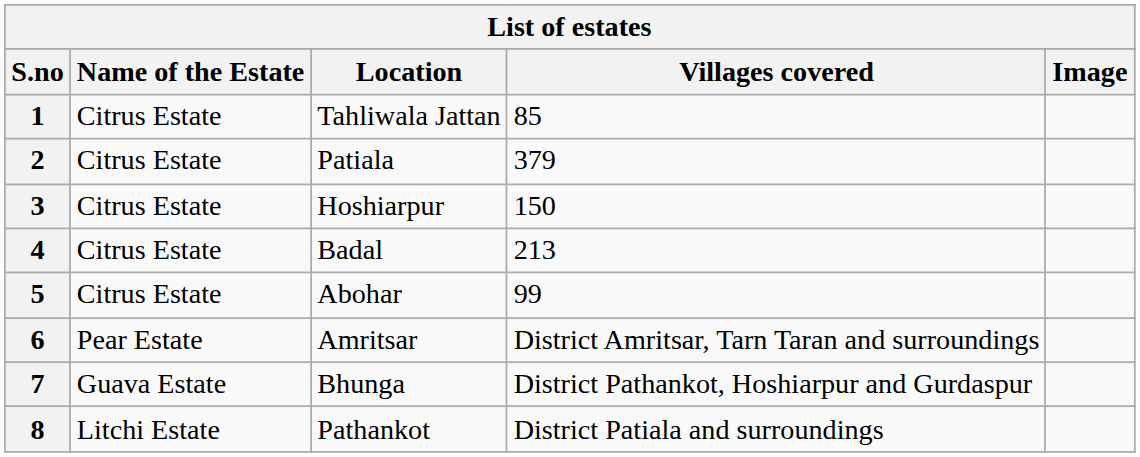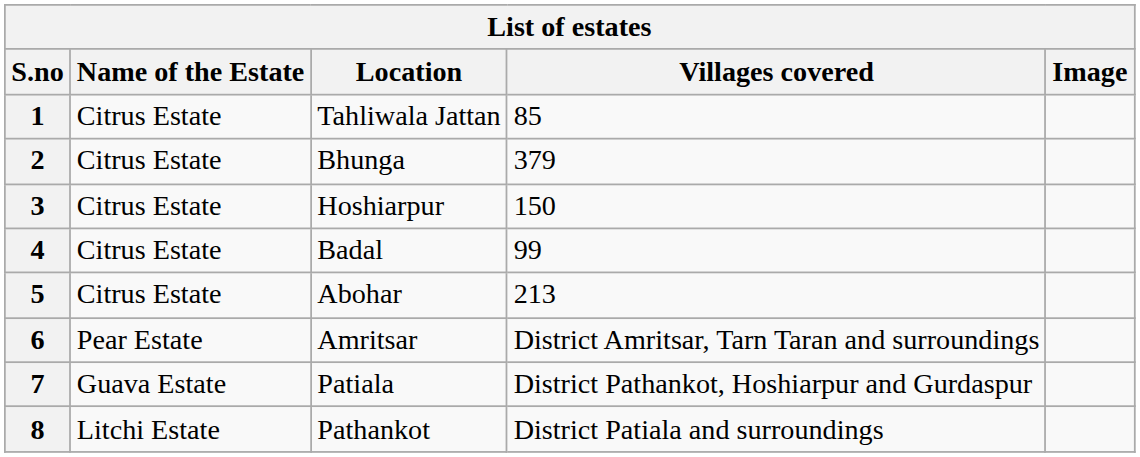 <table class="wikitable">
 <tr>
 <th colspan="5">List of estates</th>
 </tr>
 <tr>
 <th>S.no</th>
 <th>Name of the Estate</th>
 <th>Location</th>
 <th>Villages covered</th>
 <th>Image</th>
 </tr>
 <tr>
 <th>1</th>
 <td>Citrus Estate</td>
 <td>Tahliwala Jattan</td>
 <td>85</td>
 <td></td>
 </tr>
 <tr>
 <th>2</th>
 <td>Citrus Estate</td>
-<td>Patiala</td>
+<td>Bhunga</td>
 <td>379</td>
 <td></td>
 </tr>
 <tr>
 <th>3</th>
 <td>Citrus Estate</td>
 <td>Hoshiarpur</td>
 <td>150</td>
 <td></td>
 </tr>
 <tr>
 <th>4</th>
 <td>Citrus Estate</td>
 <td>Badal</td>
-<td>213</td>
+<td>99</td>
 <td></td>
 </tr>
 <tr>
 <th>5</th>
 <td>Citrus Estate</td>
 <td>Abohar</td>
-<td>99</td>
+<td>213</td>
 <td></td>
 </tr>
 <tr>
 <th>6</th>
 <td>Pear Estate</td>
 <td>Amritsar</td>
 <td>District Amritsar, Tarn Taran and surroundings</td>
 <td></td>
 </tr>
 <tr>
 <th>7</th>
 <td>Guava Estate</td>
-<td>Bhunga</td>
+<td>Patiala</td>
 <td>District Pathankot, Hoshiarpur and Gurdaspur</td>
 <td></td>
 </tr>
 <tr>
 <th>8</th>
 <td>Litchi Estate</td>
 <td>Pathankot</td>
 <td>District Patiala and surroundings</td>
 <td></td>
 </tr>
 </table>
